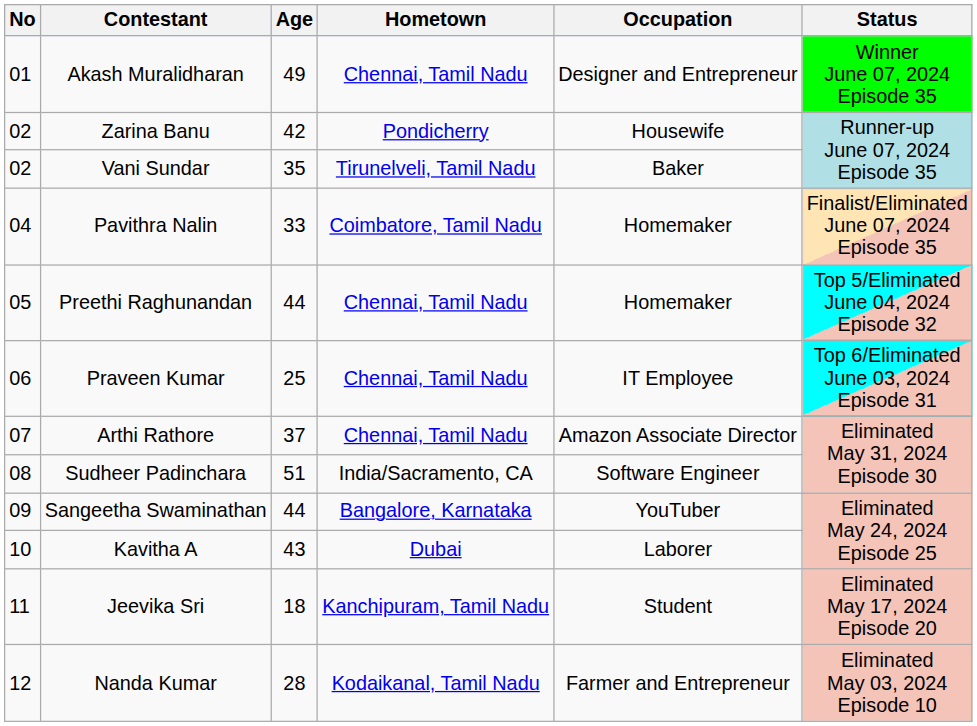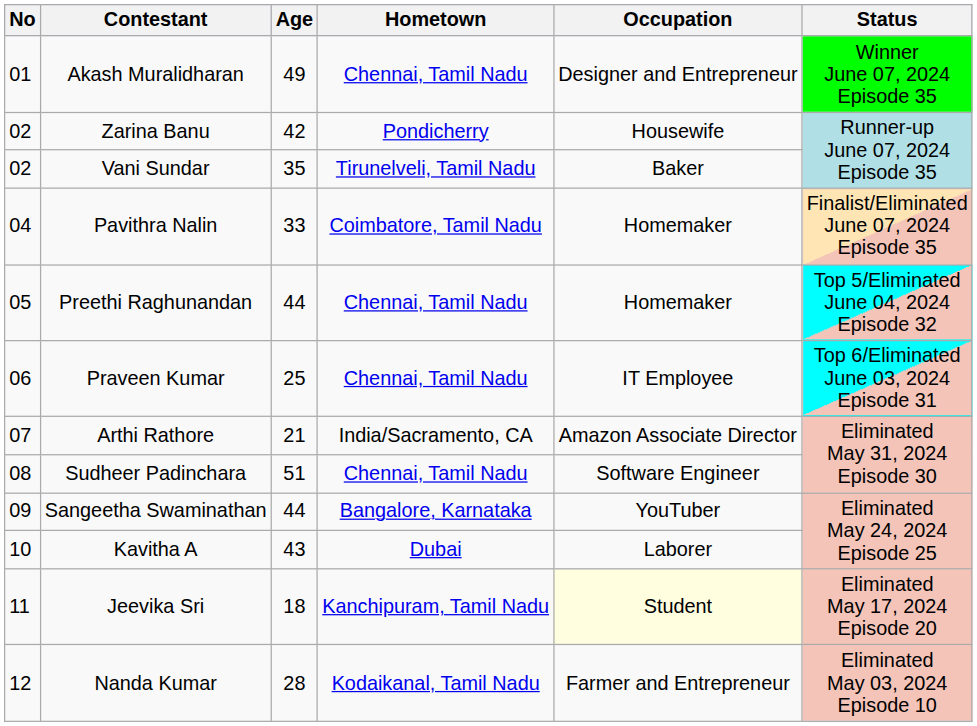 <table class="wikitable sortable" style="font-size:100%;">
 <tr style="background:#C1D8FF;">
 <th>No</th>
 <th>Contestant</th>
 <th>Age</th>
 <th>Hometown</th>
 <th>Occupation</th>
 <th>Status</th>
 </tr>
 <tr>
 <td>01</td>
 <td style="text-align: center;">Akash Muralidharan</td>
 <td style="text-align: center;">49</td>
 <td style="text-align: center;"><a href='#'>Chennai, Tamil Nadu</a></td>
 <td style="text-align: center;">Designer and Entrepreneur</td>
 <td style="text-align: center; background: #00FF00;">Winner<br>June 07, 2024<br>Episode 35</td>
 </tr>
 <tr>
 <td>02</td>
 <td style="text-align: center;">Zarina Banu</td>
 <td style="text-align: center;">42</td>
 <td style="text-align: center;"><a href='#'>Pondicherry</a></td>
 <td style="text-align: center;">Housewife</td>
 <td rowspan="2" style="text-align: center; background: #B0E0E6;">Runner-up<br>June 07, 2024<br>Episode 35</td>
 </tr>
 <tr>
 <td>02</td>
 <td style="text-align: center;">Vani Sundar</td>
 <td style="text-align: center;">35</td>
 <td style="text-align: center;"><a href='#'>Tirunelveli, Tamil Nadu</a></td>
 <td style="text-align: center;">Baker</td>
 </tr>
 <tr>
 <td>04</td>
 <td style="text-align: center;">Pavithra Nalin</td>
 <td style="text-align: center;">33</td>
 <td style="text-align: center;"><a href='#'>Coimbatore, Tamil Nadu</a></td>
 <td style="text-align: center;">Homemaker</td>
 <td style="text-align: center; background-image: linear-gradient(to right bottom, #FFE5B4 50%, #F4C4B8 50%);">Finalist/Eliminated<br>June 07, 2024<br>Episode 35</td>
 </tr>
 <tr>
 <td>05</td>
 <td style="text-align: center;">Preethi Raghunandan</td>
 <td style="text-align: center;">44</td>
 <td style="text-align: center;"><a href='#'>Chennai, Tamil Nadu</a></td>
 <td style="text-align: center;">Homemaker</td>
 <td style="text-align: center; background-image: linear-gradient(to right bottom, cyan 50%, #F4C4B8 50%);">Top 5/Eliminated<br>June 04, 2024<br>Episode 32</td>
 </tr>
 <tr>
 <td>06</td>
 <td style="text-align: center;">Praveen Kumar</td>
 <td style="text-align: center;">25</td>
 <td style="text-align: center;"><a href='#'>Chennai, Tamil Nadu</a></td>
 <td style="text-align: center;">IT Employee</td>
 <td style="text-align: center; background-image: linear-gradient(to right bottom, cyan 50%, #F4C4B8 50%);">Top 6/Eliminated<br>June 03, 2024<br>Episode 31</td>
 </tr>
 <tr>
 <td>07</td>
 <td style="text-align: center;">Arthi Rathore</td>
-<td style="text-align: center;">37</td>
-<td style="text-align: center;"><a href='#'>Chennai, Tamil Nadu</a></td>
+<td style="text-align: center;">21</td>
+<td style="text-align: center;">India/Sacramento, CA</td>
 <td style="text-align: center;">Amazon Associate Director</td>
 <td rowspan="2" style="text-align: center; background: #F4C4B8;">Eliminated<br>May 31, 2024<br>Episode 30</td>
 </tr>
 <tr>
 <td>08</td>
 <td style="text-align: center;">Sudheer Padinchara</td>
 <td style="text-align: center;">51</td>
-<td style="text-align: center;">India/Sacramento, CA</td>
+<td style="text-align: center;"><a href='#'>Chennai, Tamil Nadu</a></td>
 <td style="text-align: center;">Software Engineer</td>
 </tr>
 <tr>
 <td>09</td>
 <td style="text-align: center;">Sangeetha Swaminathan</td>
 <td style="text-align: center;">44</td>
 <td style="text-align: center;"><a href='#'>Bangalore, Karnataka</a></td>
 <td style="text-align: center;">YouTuber</td>
 <td rowspan="2" style="text-align: center; background: #F4C4B8;">Eliminated<br>May 24, 2024<br>Episode 25</td>
 </tr>
 <tr>
 <td>10</td>
 <td style="text-align: center;">Kavitha A</td>
 <td style="text-align: center;">43</td>
 <td style="text-align: center;"><a href='#'>Dubai</a></td>
 <td style="text-align: center;">Laborer</td>
 </tr>
 <tr>
 <td>11</td>
 <td style="text-align: center;">Jeevika Sri</td>
 <td style="text-align: center;">18</td>
 <td style="text-align: center;"><a href='#'>Kanchipuram, Tamil Nadu</a></td>
-<td style="text-align: center;">Student</td>
+<td style="background: lightyellow; text-align: center;">Student</td>
 <td style="text-align: center; background: #F4C4B8;">Eliminated<br>May 17, 2024<br>Episode 20</td>
 </tr>
 <tr>
 <td>12</td>
 <td style="text-align: center;">Nanda Kumar</td>
 <td style="text-align: center;">28</td>
 <td style="text-align: center;"><a href='#'>Kodaikanal, Tamil Nadu</a></td>
 <td style="text-align: center;">Farmer and Entrepreneur</td>
 <td style="text-align: center; background: #F4C4B8;">Eliminated<br>May 03, 2024<br>Episode 10</td>
 </tr>
 </table>
